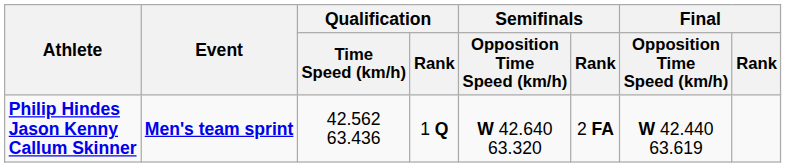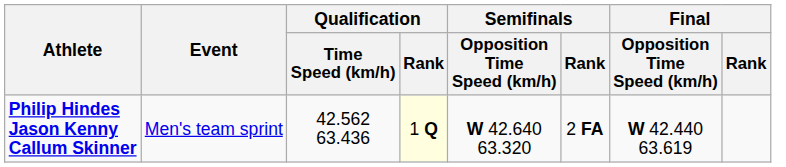 <table class="wikitable" style="font-size:90%">
 <tr>
 <th rowspan="2">Athlete</th>
 <th rowspan="2">Event</th>
 <th colspan=2>Qualification</th>
 <th colspan=2>Semifinals</th>
 <th colspan=2>Final</th>
 </tr>
 <tr style="font-size:95%">
 <th>Time<br>Speed (km/h)</th>
 <th>Rank</th>
 <th>Opposition<br>Time<br>Speed (km/h)</th>
 <th>Rank</th>
 <th>Opposition<br>Time<br>Speed (km/h)</th>
 <th>Rank</th>
 </tr>
 <tr align=center>
 <td align=left><strong><a href='#'>Philip Hindes</a><br><a href='#'>Jason Kenny</a><br><a href='#'>Callum Skinner</a></strong></td>
-<td align=left><strong><a href='#'>Men's team sprint</a></strong></td>
+<td align=left><a href='#'>Men's team sprint</a></td>
 <td>42.562 <br>63.436</td>
-<td>1 <strong>Q</strong></td>
+<td style="background: lightyellow;">1 <strong>Q</strong></td>
 <td><br><strong>W</strong> 42.640<br>63.320</td>
 <td>2 <strong>FA</strong></td>
 <td><br><strong>W</strong> 42.440 <br>63.619</td>
 <td></td>
 </tr>
 </table>
